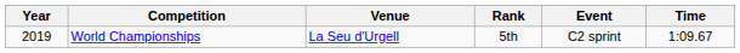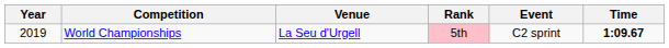 <table class="wikitable" width=50% style="font-size:90%; text-align:center;">
 <tr>
 <th>Year</th>
 <th>Competition</th>
 <th>Venue</th>
 <th>Rank</th>
 <th>Event</th>
 <th>Time</th>
 </tr>
 <tr>
 <td rowspan=2>2019</td>
 <td rowspan=2 align=left><a href='#'>World Championships</a></td>
 <td rowspan=2 align=left> <a href='#'>La Seu d'Urgell</a></td>
-<td>5th</td>
+<td style="background: pink;">5th</td>
 <td>C2 sprint</td>
-<td>1:09.67</td>
+<td><strong>1:09.67</strong></td>
 </tr>
 </table>
